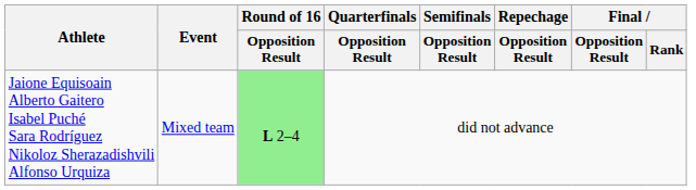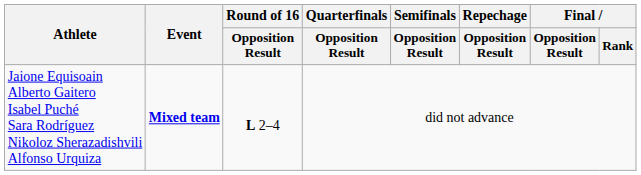 <table class="wikitable" style="text-align:center; font-size:90%">
 <tr>
 <th rowspan=2>Athlete</th>
 <th rowspan=2>Event</th>
 <th>Round of 16</th>
 <th>Quarterfinals</th>
 <th>Semifinals</th>
 <th>Repechage</th>
 <th colspan=2>Final / </th>
 </tr>
 <tr style="font-size:95%">
 <th>Opposition<br>Result</th>
 <th>Opposition<br>Result</th>
 <th>Opposition<br>Result</th>
 <th>Opposition<br>Result</th>
 <th>Opposition<br>Result</th>
 <th>Rank</th>
 </tr>
 <tr>
 <td align=left><a href='#'>Jaione Equisoain</a><br><a href='#'>Alberto Gaitero</a><br><a href='#'>Isabel Puché</a><br><a href='#'>Sara Rodríguez</a><br><a href='#'>Nikoloz Sherazadishvili</a><br><a href='#'>Alfonso Urquiza</a></td>
-<td align=left><a href='#'>Mixed team</a></td>
-<td style="background: lightgreen;"><br><strong>L</strong> 2–4</td>
+<td align=left><strong><a href='#'>Mixed team</a></strong></td>
+<td><br><strong>L</strong> 2–4</td>
 <td colspan=7>did not advance</td>
 </tr>
 </table>
